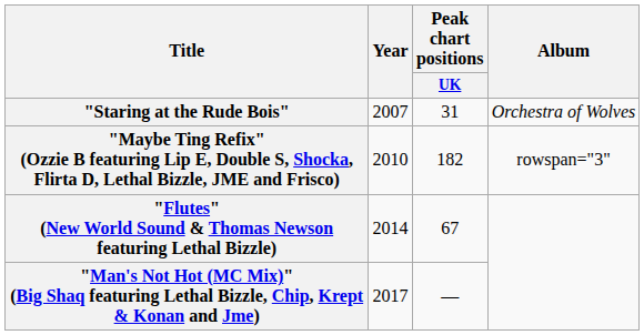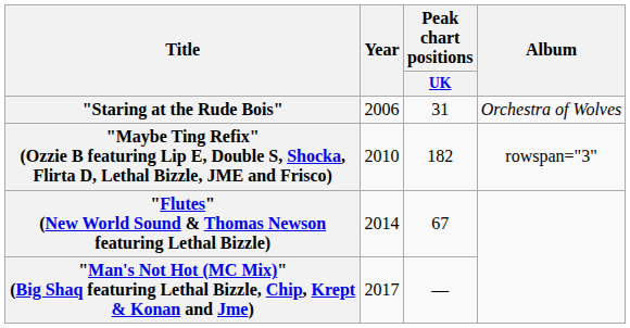 <table class="wikitable plainrowheaders" style="text-align:center;">
 <tr>
 <th scope="col" rowspan="2" style="width:20em;">Title</th>
 <th scope="col" rowspan="2" style="width:1em;">Year</th>
 <th scope="col" colspan="1">Peak chart positions</th>
 <th scope="col" rowspan="2">Album</th>
 </tr>
 <tr>
 <th scope="col" style="width:4em;font-size:85%;"><a href='#'>UK</a></th>
 </tr>
 <tr>
 <th scope="row">"Staring at the Rude Bois"<br></th>
-<td>2007</td>
+<td>2006</td>
 <td>31</td>
 <td><em>Orchestra of Wolves</em></td>
 </tr>
 <tr>
 <th scope="row">"Maybe Ting Refix" <br><span> (Ozzie B featuring Lip E, Double S, <a href='#'>Shocka</a>, Flirta D, Lethal Bizzle, JME and Frisco) </span></th>
 <td>2010</td>
 <td>182</td>
 <td>rowspan="3" </td>
 </tr>
 <tr>
 <th scope="row">"<a href='#'>Flutes</a>"<br><span>(<a href='#'>New World Sound</a> & <a href='#'>Thomas Newson</a> featuring Lethal Bizzle)</span></th>
 <td>2014</td>
 <td>67</td>
 </tr>
 <tr>
 <th scope="row">"<a href='#'>Man's Not Hot (MC Mix)</a>"<br><span>(<a href='#'>Big Shaq</a> featuring Lethal Bizzle, <a href='#'>Chip</a>, <a href='#'>Krept & Konan</a> and <a href='#'>Jme</a>)</span></th>
 <td>2017</td>
 <td>—</td>
 </tr>
 </table>
